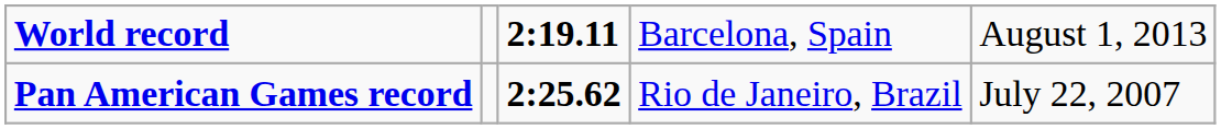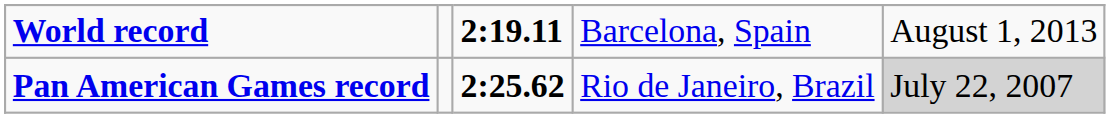 <table class="wikitable">
 <tr>
 <td><strong><a href='#'>World record</a></strong></td>
 <td></td>
 <td><strong>2:19.11</strong></td>
 <td><a href='#'>Barcelona</a>, <a href='#'>Spain</a></td>
 <td>August 1, 2013</td>
 </tr>
 <tr>
 <td><strong><a href='#'>Pan American Games record</a></strong></td>
 <td></td>
 <td><strong>2:25.62</strong></td>
 <td><a href='#'>Rio de Janeiro</a>, <a href='#'>Brazil</a></td>
-<td>July 22, 2007</td>
+<td style="background: lightgrey;">July 22, 2007</td>
 </tr>
 </table>
